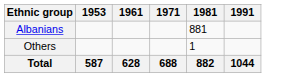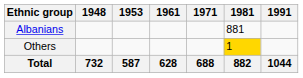 <table class="wikitable" border="1">
 <tr>
 <th>Ethnic group</th>
+<th style=width:3em>1948</th>
 <th style=width:3em>1953</th>
 <th style=width:3em>1961</th>
 <th style=width:3em>1971</th>
 <th style=width:3em>1981</th>
 <th style=width:3em>1991</th>
 </tr>
 <tr>
 <th style=font-weight:300><a href='#'>Albanians</a></th>
 <td></td>
 <td></td>
 <td></td>
+<td></td>
 <td>881</td>
 <td></td>
 </tr>
 <tr>
 <th style=font-weight:300>Others</th>
 <td></td>
 <td></td>
 <td></td>
-<td>1</td>
+<td></td>
+<td style="background: gold;">1</td>
 <td></td>
 </tr>
 <tr>
 <th>Total</th>
+<th>732</th>
 <th>587</th>
 <th>628</th>
 <th>688</th>
 <th>882 </th>
 <th>1044</th>
 </tr>
 </table>
